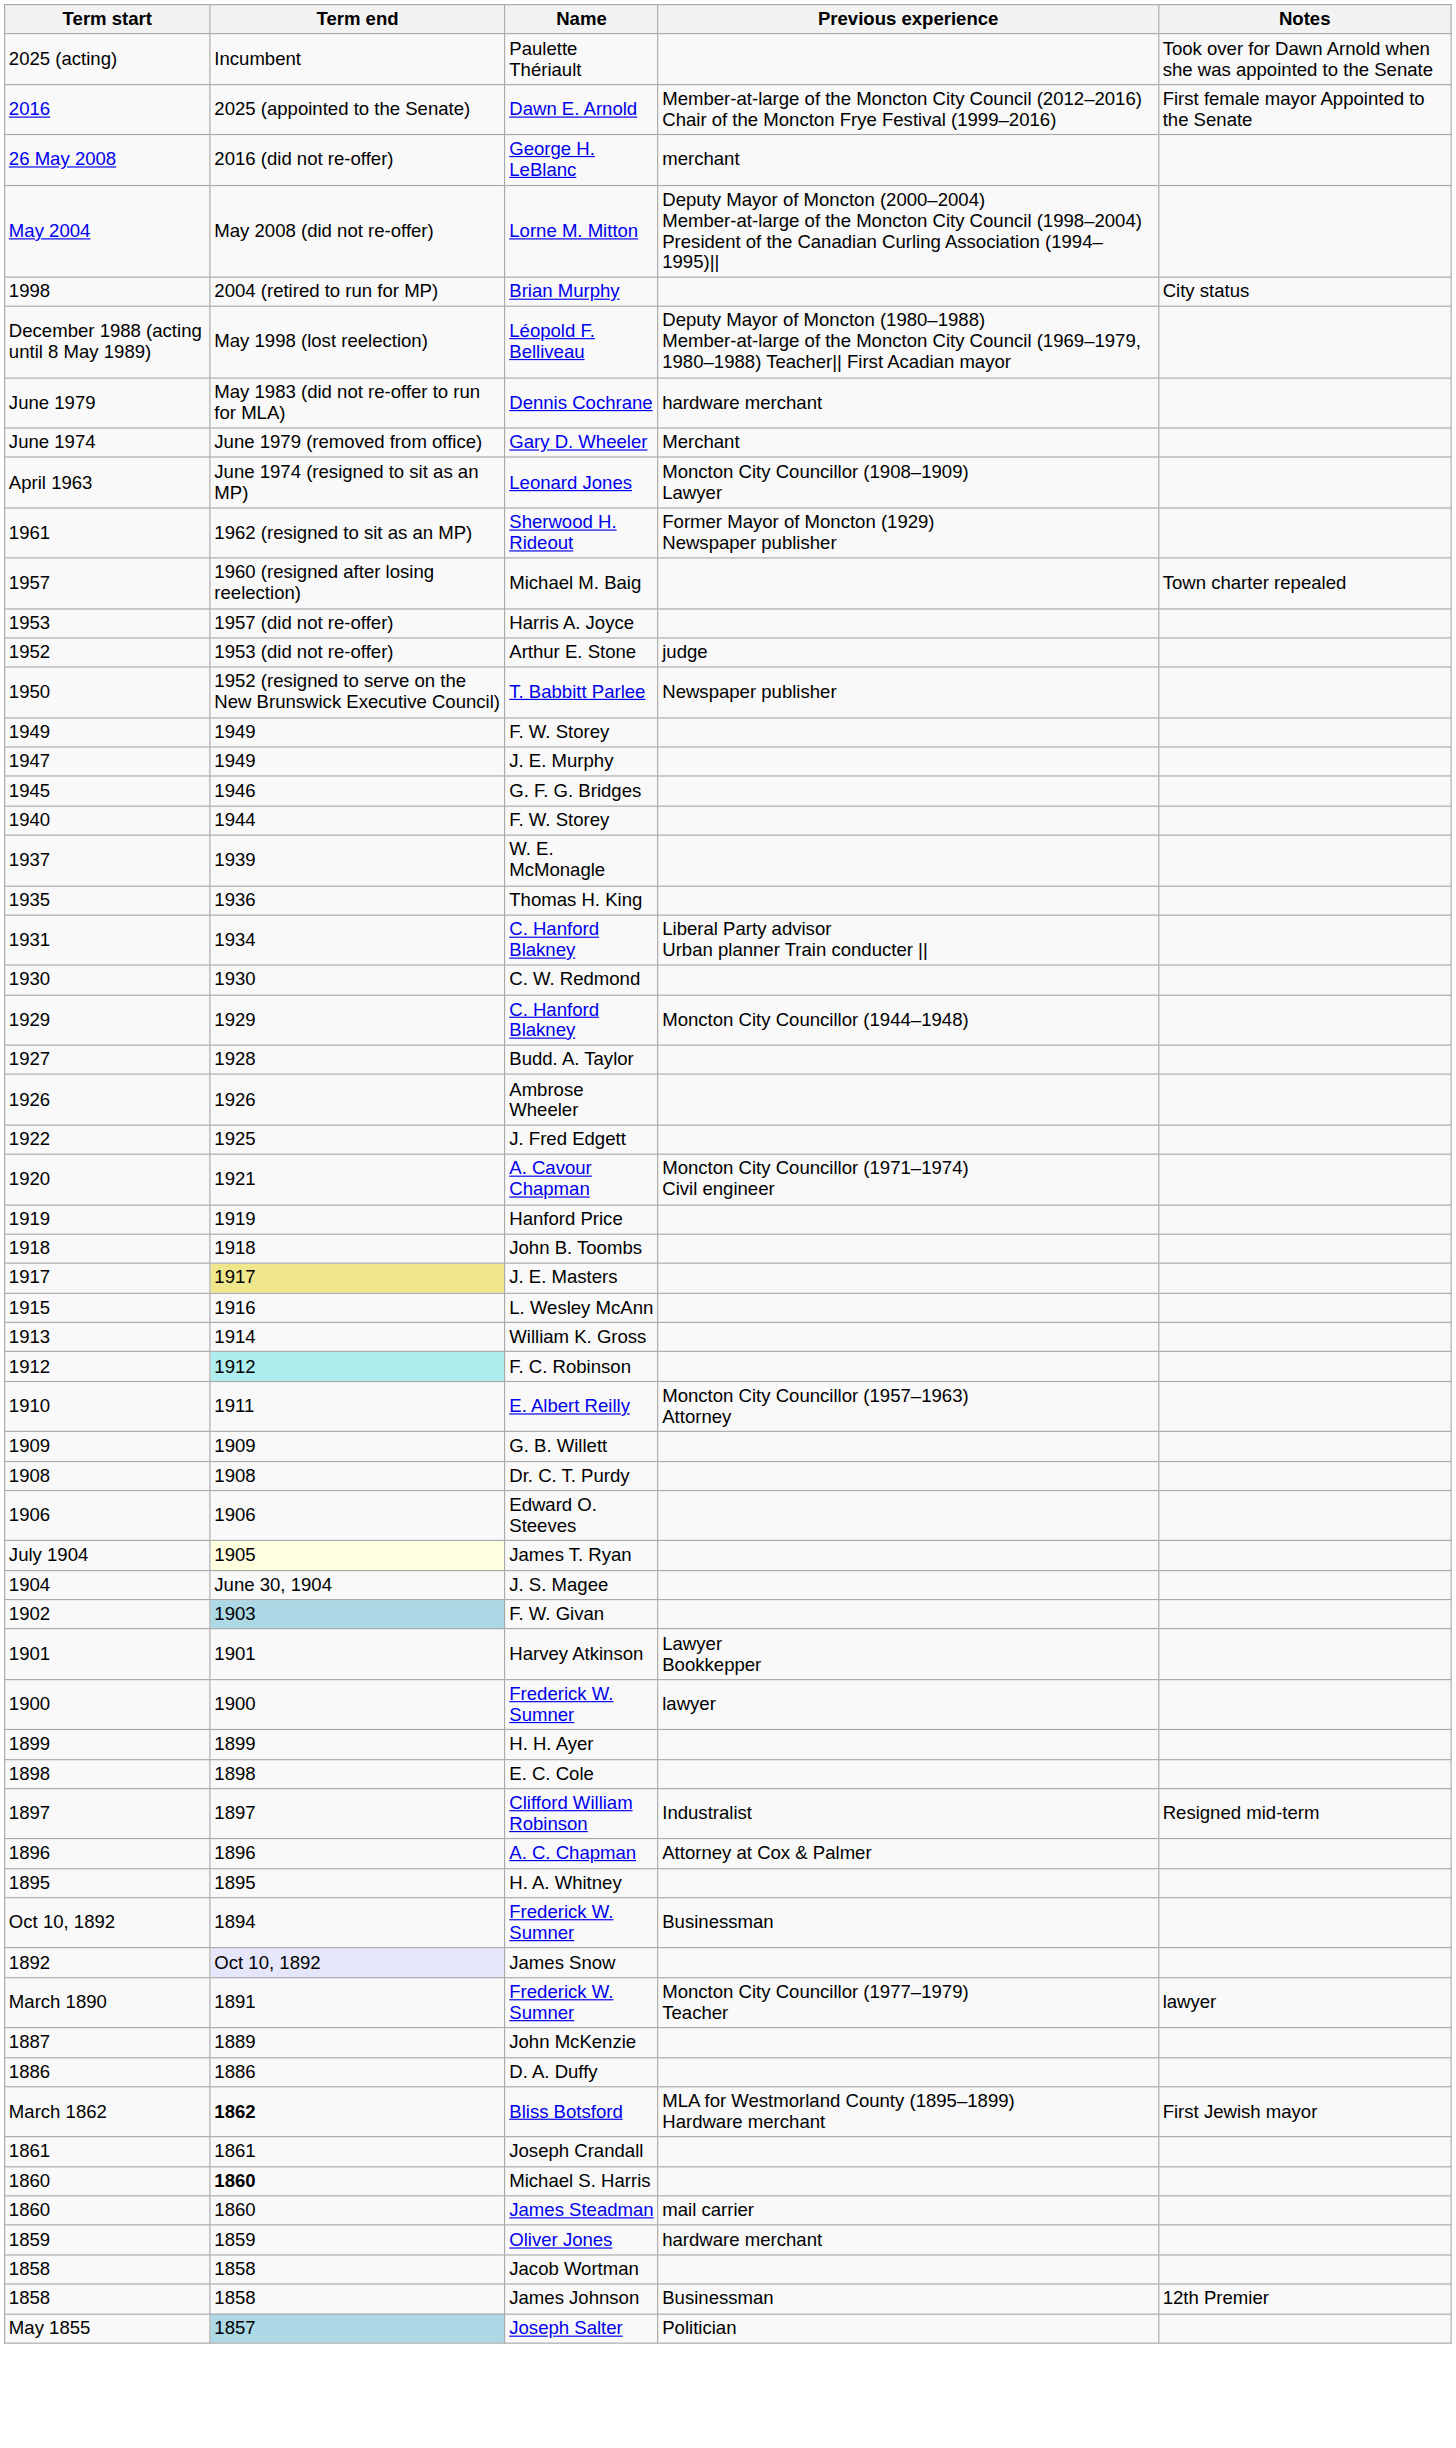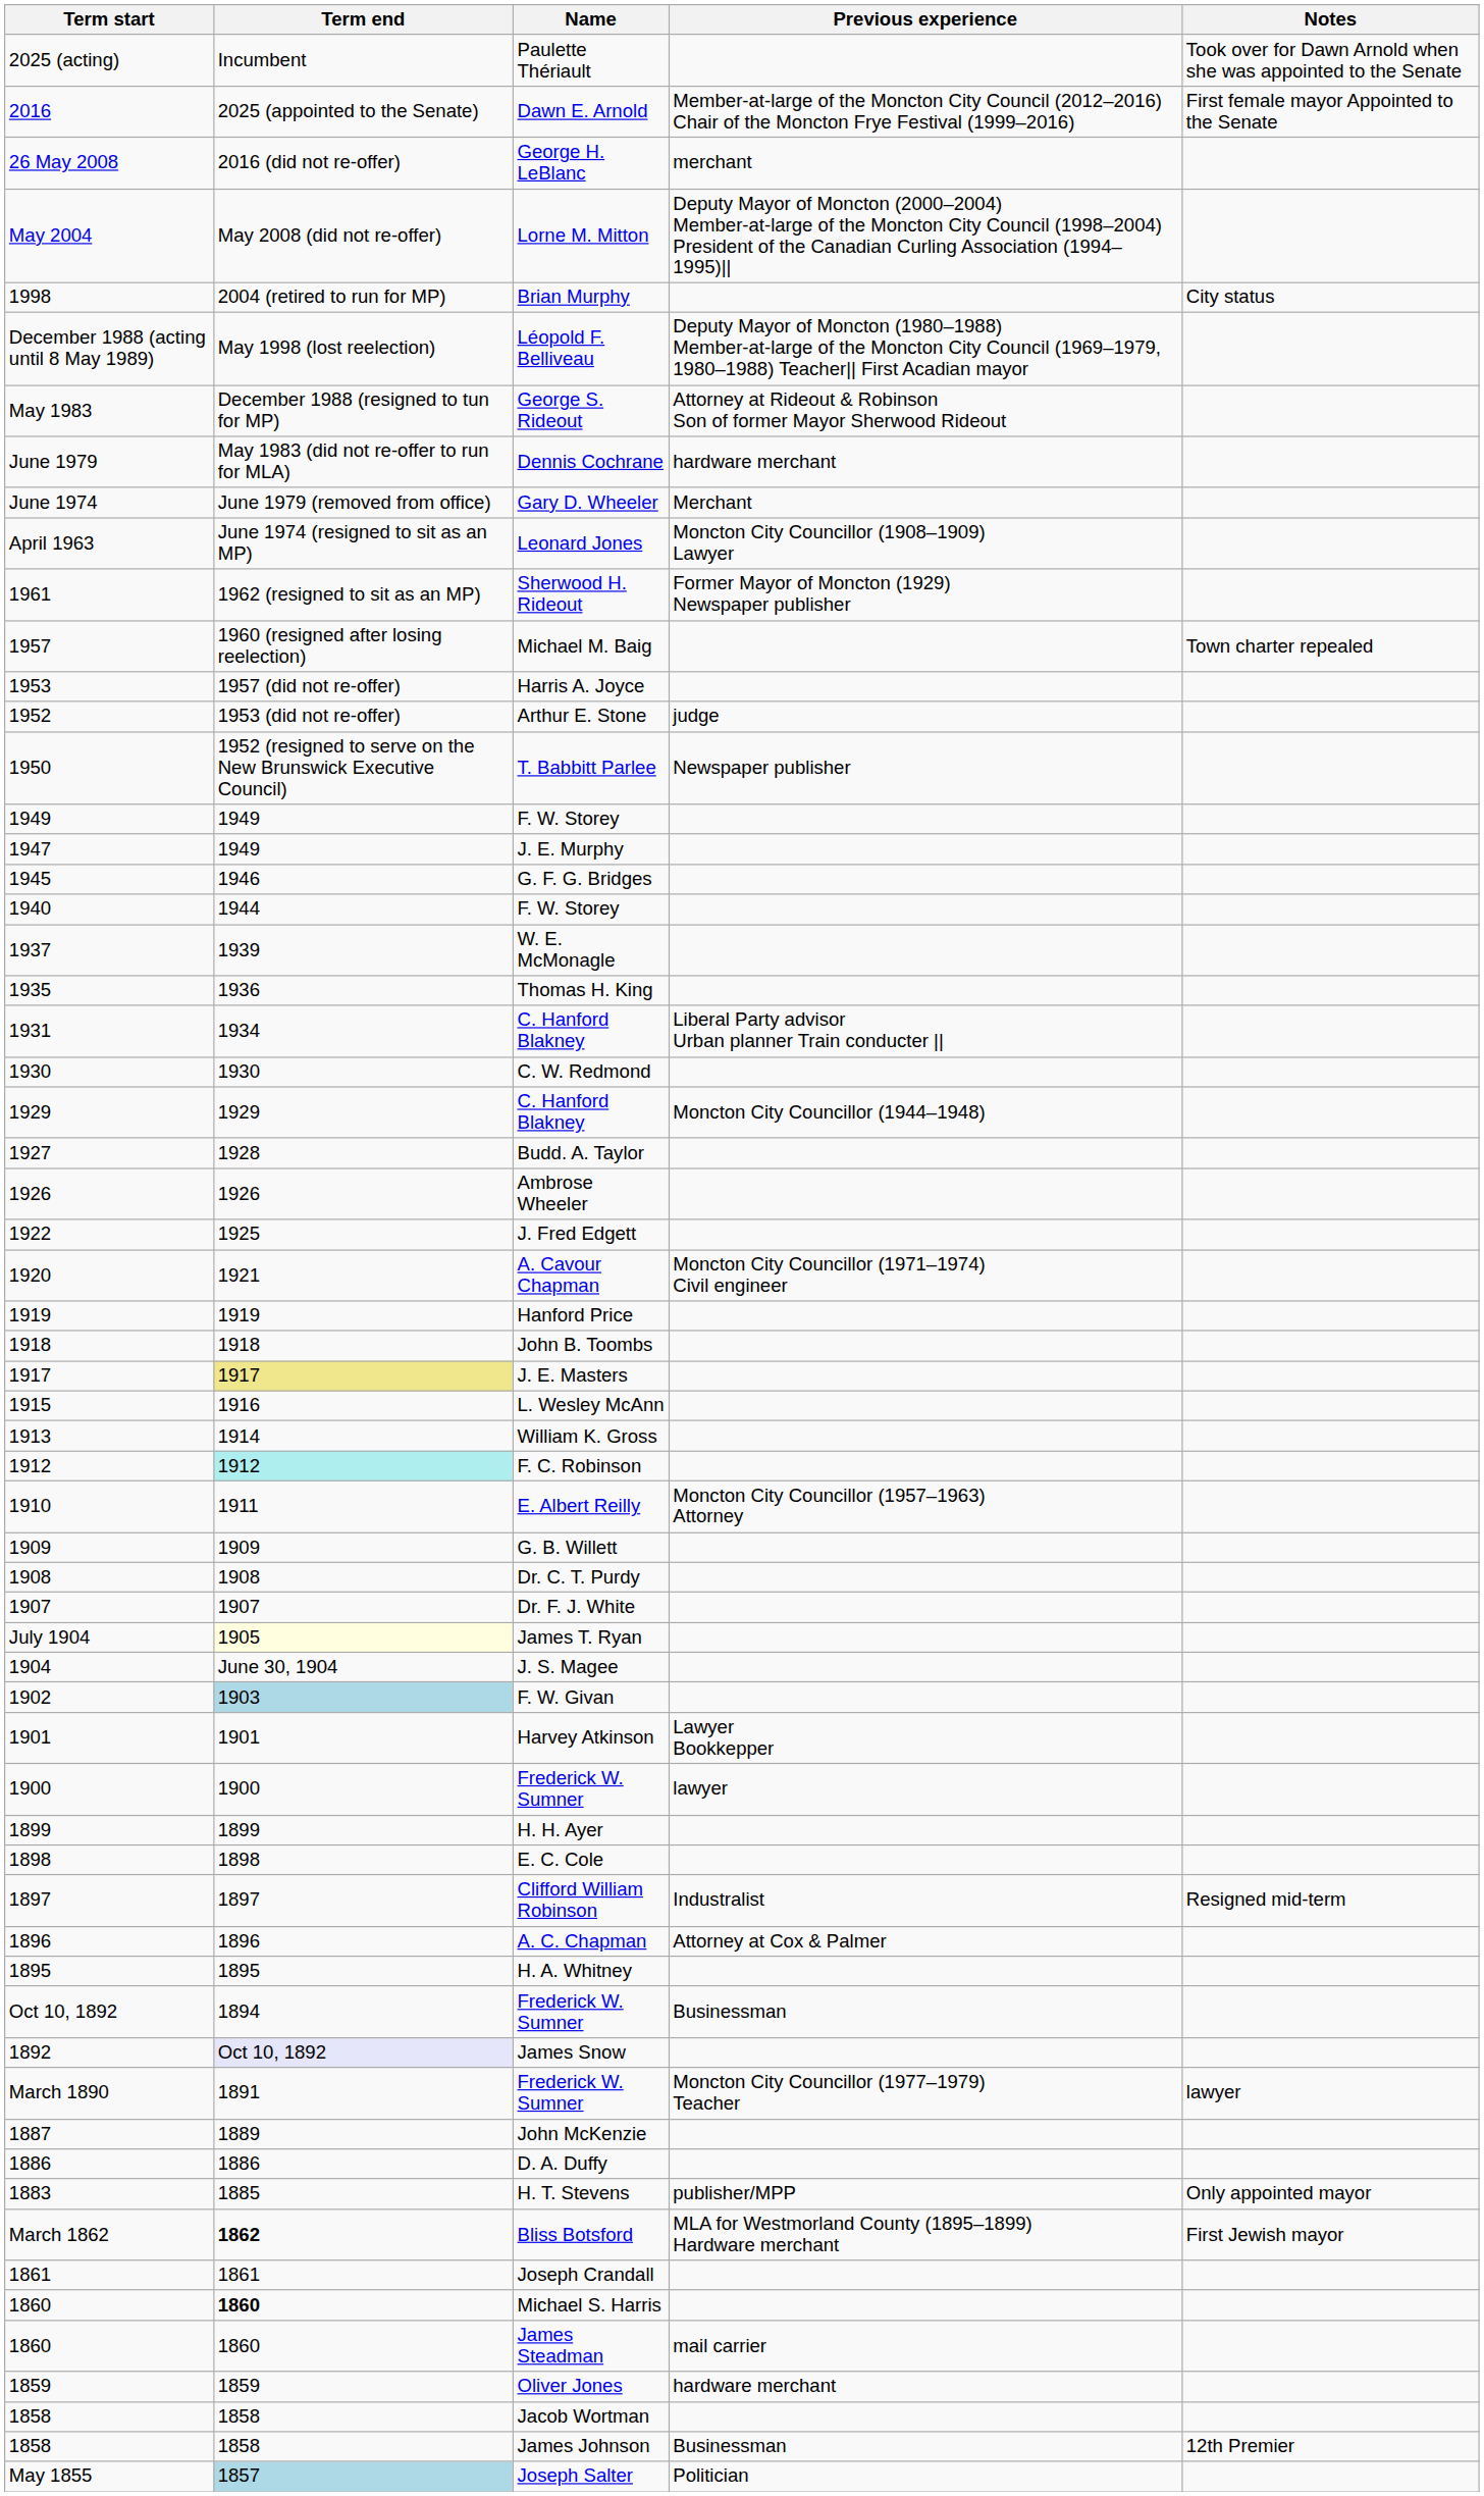 <table class="wikitable">
 <tr>
 <th>Term start</th>
 <th>Term end</th>
 <th>Name</th>
 <th>Previous experience</th>
 <th>Notes</th>
 </tr>
 <tr>
 <td>2025 (acting)</td>
 <td>Incumbent</td>
 <td>Paulette Thériault</td>
 <td></td>
 <td>Took over for Dawn Arnold when she was appointed to the Senate</td>
 </tr>
 <tr>
 <td><a href='#'>2016</a></td>
 <td>2025 (appointed to the Senate)</td>
 <td><a href='#'>Dawn E. Arnold</a></td>
 <td>Member-at-large of the Moncton City Council (2012–2016)<br>Chair of the Moncton Frye Festival (1999–2016)</td>
 <td>First female mayor Appointed to the Senate</td>
 </tr>
 <tr>
 <td><a href='#'>26 May 2008</a></td>
 <td>2016 (did not re-offer)</td>
 <td><a href='#'>George H. LeBlanc</a></td>
 <td>merchant</td>
 <td></td>
 </tr>
 <tr>
 <td><a href='#'>May 2004</a></td>
 <td>May 2008 (did not re-offer)</td>
 <td><a href='#'>Lorne M. Mitton</a></td>
 <td>Deputy Mayor of Moncton (2000–2004)<br>Member-at-large of the Moncton City Council (1998–2004) President of the Canadian Curling Association (1994–1995)||</td>
 </tr>
 <tr>
 <td>1998</td>
 <td>2004 (retired to run for MP)</td>
 <td><a href='#'>Brian Murphy</a></td>
 <td></td>
 <td>City status</td>
 </tr>
 <tr>
 <td>December 1988 (acting until 8 May 1989)</td>
 <td>May 1998 (lost reelection)</td>
 <td><a href='#'>Léopold F. Belliveau</a></td>
 <td>Deputy Mayor of Moncton (1980–1988)<br>Member-at-large of the Moncton City Council (1969–1979, 1980–1988) Teacher|| First Acadian mayor</td>
+</tr>
+<tr>
+<td>May 1983</td>
+<td>December 1988 (resigned to tun for MP)</td>
+<td><a href='#'>George S. Rideout</a></td>
+<td>Attorney at Rideout & Robinson<br>Son of former Mayor Sherwood Rideout</td>
+<td></td>
 </tr>
 <tr>
 <td>June 1979</td>
 <td>May 1983 (did not re-offer to run for MLA)</td>
 <td><a href='#'>Dennis Cochrane</a></td>
 <td>hardware merchant</td>
 <td></td>
 </tr>
 <tr>
 <td>June 1974</td>
 <td>June 1979 (removed from office)</td>
 <td><a href='#'>Gary D. Wheeler</a></td>
 <td>Merchant</td>
 <td></td>
 </tr>
 <tr>
 <td>April 1963</td>
 <td>June 1974 (resigned to sit as an MP)</td>
 <td><a href='#'>Leonard Jones</a></td>
 <td>Moncton City Councillor (1908–1909)<br>Lawyer</td>
 <td></td>
 </tr>
 <tr>
 <td>1961</td>
 <td>1962 (resigned to sit as an MP)</td>
 <td><a href='#'>Sherwood H. Rideout</a></td>
 <td>Former Mayor of Moncton (1929)<br>Newspaper publisher</td>
 </tr>
 <tr>
 <td>1957</td>
 <td>1960 (resigned after losing reelection)</td>
 <td>Michael M. Baig</td>
 <td></td>
 <td>Town charter repealed</td>
 </tr>
 <tr>
 <td>1953</td>
 <td>1957 (did not re-offer)</td>
 <td>Harris A. Joyce</td>
 <td></td>
 <td></td>
 </tr>
 <tr>
 <td>1952</td>
 <td>1953 (did not re-offer)</td>
 <td>Arthur E. Stone</td>
 <td>judge</td>
 <td></td>
 </tr>
 <tr>
 <td>1950</td>
 <td>1952 (resigned to serve on the New Brunswick Executive Council)</td>
 <td><a href='#'>T. Babbitt Parlee</a></td>
 <td>Newspaper publisher</td>
 <td></td>
 </tr>
 <tr>
 <td>1949</td>
 <td>1949</td>
 <td>F. W. Storey</td>
 <td></td>
 <td></td>
 </tr>
 <tr>
 <td>1947</td>
 <td>1949</td>
 <td>J. E. Murphy</td>
 <td></td>
 <td></td>
 </tr>
 <tr>
 <td>1945</td>
 <td>1946</td>
 <td>G. F. G. Bridges</td>
 <td></td>
 <td></td>
 </tr>
 <tr>
 <td>1940</td>
 <td>1944</td>
 <td>F. W. Storey</td>
 <td></td>
 <td></td>
 </tr>
 <tr>
 <td>1937</td>
 <td>1939</td>
 <td>W. E. McMonagle</td>
 <td></td>
 <td></td>
 </tr>
 <tr>
 <td>1935</td>
 <td>1936</td>
 <td>Thomas H. King</td>
 <td></td>
 <td></td>
 </tr>
 <tr>
 <td>1931</td>
 <td>1934</td>
 <td><a href='#'>C. Hanford Blakney</a></td>
 <td>Liberal Party advisor<br>Urban planner Train conducter ||</td>
 <td></td>
 </tr>
 <tr>
 <td>1930</td>
 <td>1930</td>
 <td>C. W. Redmond</td>
 <td></td>
 <td></td>
 </tr>
 <tr>
 <td>1929</td>
 <td>1929</td>
 <td><a href='#'>C. Hanford Blakney</a></td>
 <td>Moncton City Councillor (1944–1948)</td>
 <td></td>
 </tr>
 <tr>
 <td>1927</td>
 <td>1928</td>
 <td>Budd. A. Taylor</td>
 <td></td>
 <td></td>
 </tr>
 <tr>
 <td>1926</td>
 <td>1926</td>
 <td>Ambrose Wheeler</td>
 <td></td>
 <td></td>
 </tr>
 <tr>
 <td>1922</td>
 <td>1925</td>
 <td>J. Fred Edgett</td>
 <td></td>
 <td></td>
 </tr>
 <tr>
 <td>1920</td>
 <td>1921</td>
 <td><a href='#'>A. Cavour Chapman</a></td>
 <td>Moncton City Councillor (1971–1974)<br>Civil engineer</td>
 <td></td>
 </tr>
 <tr>
 <td>1919</td>
 <td>1919</td>
 <td>Hanford Price</td>
 <td></td>
 <td></td>
 </tr>
 <tr>
 <td>1918</td>
 <td>1918</td>
 <td>John B. Toombs</td>
 <td></td>
 <td></td>
 </tr>
 <tr>
 <td>1917</td>
 <td style="background: khaki;">1917</td>
 <td>J. E. Masters</td>
 <td></td>
 <td></td>
 </tr>
 <tr>
 <td>1915</td>
 <td>1916</td>
 <td>L. Wesley McAnn</td>
 <td></td>
 <td></td>
 </tr>
 <tr>
 <td>1913</td>
 <td>1914</td>
 <td>William K. Gross</td>
 <td></td>
 <td></td>
 </tr>
 <tr>
 <td>1912</td>
 <td style="background: paleturquoise;">1912</td>
 <td>F. C. Robinson</td>
 <td></td>
 <td></td>
 </tr>
 <tr>
 <td>1910</td>
 <td>1911</td>
 <td><a href='#'>E. Albert Reilly</a></td>
 <td>Moncton City Councillor (1957–1963)<br>Attorney</td>
 <td></td>
 </tr>
 <tr>
 <td>1909</td>
 <td>1909</td>
 <td>G. B. Willett</td>
 <td></td>
 <td></td>
 </tr>
 <tr>
 <td>1908</td>
 <td>1908</td>
 <td>Dr. C. T. Purdy</td>
 <td></td>
 <td></td>
 </tr>
 <tr>
-<td>1906</td>
-<td>1906</td>
-<td>Edward O. Steeves</td>
+<td>1907</td>
+<td>1907</td>
+<td>Dr. F. J. White</td>
 <td></td>
 <td></td>
 </tr>
 <tr>
 <td>July 1904</td>
 <td style="background: lightyellow;">1905</td>
 <td>James T. Ryan</td>
 <td></td>
 <td></td>
 </tr>
 <tr>
 <td>1904</td>
 <td>June 30, 1904</td>
 <td>J. S. Magee</td>
 <td></td>
 <td></td>
 </tr>
 <tr>
 <td>1902</td>
 <td style="background: lightblue;">1903</td>
 <td>F. W. Givan</td>
 <td></td>
 <td></td>
 </tr>
 <tr>
 <td>1901</td>
 <td>1901</td>
 <td>Harvey Atkinson</td>
 <td>Lawyer<br>Bookkepper</td>
 <td></td>
 </tr>
 <tr>
 <td>1900</td>
 <td>1900</td>
 <td><a href='#'>Frederick W. Sumner</a></td>
 <td>lawyer</td>
 <td></td>
 </tr>
 <tr>
 <td>1899</td>
 <td>1899</td>
 <td>H. H. Ayer</td>
 <td></td>
 <td></td>
 </tr>
 <tr>
 <td>1898</td>
 <td>1898</td>
 <td>E. C. Cole</td>
 <td></td>
 <td></td>
 </tr>
 <tr>
 <td>1897</td>
 <td>1897</td>
 <td><a href='#'>Clifford William Robinson</a></td>
 <td>Industralist</td>
 <td>Resigned mid-term</td>
 </tr>
 <tr>
 <td>1896</td>
 <td>1896</td>
 <td><a href='#'>A. C. Chapman</a></td>
 <td>Attorney at Cox & Palmer</td>
 <td></td>
 </tr>
 <tr>
 <td>1895</td>
 <td>1895</td>
 <td>H. A. Whitney</td>
 <td></td>
 <td></td>
 </tr>
 <tr>
 <td>Oct 10, 1892</td>
 <td>1894</td>
 <td><a href='#'>Frederick W. Sumner</a></td>
 <td>Businessman</td>
 <td></td>
 </tr>
 <tr>
 <td>1892</td>
 <td style="background: lavender;">Oct 10, 1892</td>
 <td>James Snow</td>
 <td></td>
 <td></td>
 </tr>
 <tr>
 <td>March 1890</td>
 <td>1891</td>
 <td><a href='#'>Frederick W. Sumner</a></td>
 <td>Moncton City Councillor (1977–1979)<br>Teacher</td>
 <td>lawyer</td>
 </tr>
 <tr>
 <td>1887</td>
 <td>1889</td>
 <td>John McKenzie</td>
 <td></td>
 <td></td>
 </tr>
 <tr>
 <td>1886</td>
 <td>1886</td>
 <td>D. A. Duffy</td>
 <td></td>
 <td></td>
 </tr>
 <tr>
+<td>1883</td>
+<td>1885</td>
+<td>H. T. Stevens</td>
+<td>publisher/MPP</td>
+<td>Only appointed mayor</td>
+</tr>
+<tr>
 <td>March 1862</td>
 <td><strong>1862</strong></td>
 <td><a href='#'>Bliss Botsford</a></td>
 <td>MLA for Westmorland County (1895–1899)<br>Hardware merchant</td>
 <td>First Jewish mayor</td>
 </tr>
 <tr>
 <td>1861</td>
 <td>1861</td>
 <td>Joseph Crandall</td>
 <td></td>
 <td></td>
 </tr>
 <tr>
 <td>1860</td>
 <td><strong>1860</strong></td>
 <td>Michael S. Harris</td>
 <td></td>
 <td></td>
 </tr>
 <tr>
 <td>1860</td>
 <td>1860</td>
 <td><a href='#'>James Steadman</a></td>
 <td>mail carrier</td>
 <td></td>
 </tr>
 <tr>
 <td>1859</td>
 <td>1859</td>
 <td><a href='#'>Oliver Jones</a></td>
 <td>hardware merchant</td>
 <td></td>
 </tr>
 <tr>
 <td>1858</td>
 <td>1858</td>
 <td>Jacob Wortman</td>
 <td></td>
 <td></td>
 </tr>
 <tr>
 <td>1858</td>
 <td>1858</td>
 <td>James Johnson</td>
 <td>Businessman</td>
 <td>12th Premier</td>
 </tr>
 <tr>
 <td>May 1855</td>
 <td style="background: lightblue;">1857</td>
 <td><a href='#'>Joseph Salter</a></td>
 <td>Politician</td>
 <td></td>
 </tr>
 </table>
